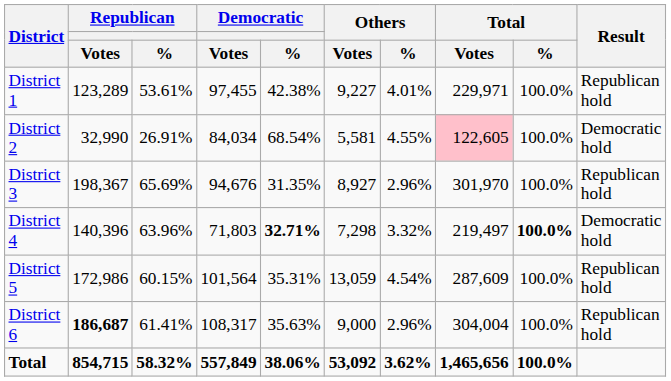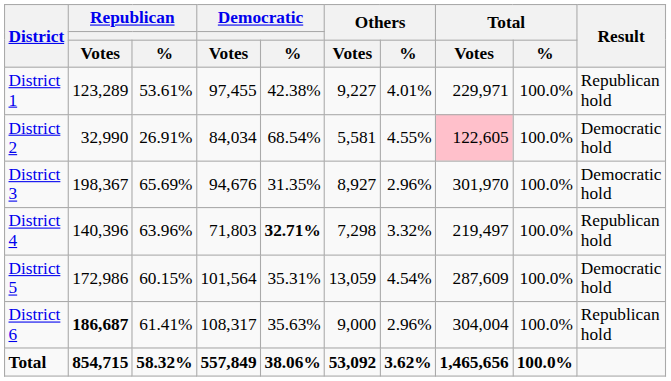 <table class="wikitable plainrowheaders sortable" style="font-size:100%; text-align:right;">
 <tr>
 <th scope=col rowspan=3><a href='#'>District</a></th>
 <th scope=col colspan=2><a href='#'>Republican</a></th>
 <th scope=col colspan=2><a href='#'>Democratic</a></th>
 <th scope=col colspan=2 rowspan=2>Others</th>
 <th scope=col colspan=2 rowspan=2>Total</th>
 <th scope=col rowspan=3>Result</th>
 </tr>
 <tr>
 <th scope=col colspan=2 style="background:"></th>
 <th scope=col colspan=2 style="background:"></th>
 </tr>
 <tr>
 <th scope=col data-sort-type="number">Votes</th>
 <th scope=col data-sort-type="number">%</th>
 <th scope=col data-sort-type="number">Votes</th>
 <th scope=col data-sort-type="number">%</th>
 <th scope=col data-sort-type="number">Votes</th>
 <th scope=col data-sort-type="number">%</th>
 <th scope=col data-sort-type="number">Votes</th>
 <th scope=col data-sort-type="number">%</th>
 </tr>
 <tr>
 <td align=left><a href='#'>District 1</a></td>
 <td>123,289</td>
 <td>53.61%</td>
 <td>97,455</td>
 <td>42.38%</td>
 <td>9,227</td>
 <td>4.01%</td>
 <td>229,971</td>
 <td>100.0%</td>
 <td align=left>Republican hold</td>
 </tr>
 <tr>
 <td align=left><a href='#'>District 2</a></td>
 <td>32,990</td>
 <td>26.91%</td>
 <td>84,034</td>
 <td>68.54%</td>
 <td>5,581</td>
 <td>4.55%</td>
 <td style="background: pink;">122,605</td>
 <td>100.0%</td>
 <td align=left>Democratic hold</td>
 </tr>
 <tr>
 <td align=left><a href='#'>District 3</a></td>
 <td>198,367</td>
 <td>65.69%</td>
 <td>94,676</td>
 <td>31.35%</td>
 <td>8,927</td>
 <td>2.96%</td>
 <td>301,970</td>
 <td>100.0%</td>
-<td align=left>Republican hold</td>
+<td align=left>Democratic hold</td>
 </tr>
 <tr>
 <td align=left><a href='#'>District 4</a></td>
 <td>140,396</td>
 <td>63.96%</td>
 <td>71,803</td>
 <td><strong>32.71%</strong></td>
 <td>7,298</td>
 <td>3.32%</td>
 <td>219,497</td>
-<td><strong>100.0%</strong></td>
-<td align=left>Democratic hold</td>
+<td>100.0%</td>
+<td align=left>Republican hold</td>
 </tr>
 <tr>
 <td align=left><a href='#'>District 5</a></td>
 <td>172,986</td>
 <td>60.15%</td>
 <td>101,564</td>
 <td>35.31%</td>
 <td>13,059</td>
 <td>4.54%</td>
 <td>287,609</td>
 <td>100.0%</td>
-<td align=left>Republican hold</td>
+<td align=left>Democratic hold</td>
 </tr>
 <tr>
 <td align=left><a href='#'>District 6</a></td>
 <td><strong>186,687</strong></td>
 <td>61.41%</td>
 <td>108,317</td>
 <td>35.63%</td>
 <td>9,000</td>
 <td>2.96%</td>
 <td>304,004</td>
 <td>100.0%</td>
 <td align=left>Republican hold</td>
 </tr>
 <tr class="sortbottom" style="font-weight:bold">
 <td align=left>Total</td>
 <td>854,715</td>
 <td>58.32%</td>
 <td>557,849</td>
 <td>38.06%</td>
 <td>53,092</td>
 <td>3.62%</td>
 <td>1,465,656</td>
 <td>100.0%</td>
 <td></td>
 </tr>
 </table>
